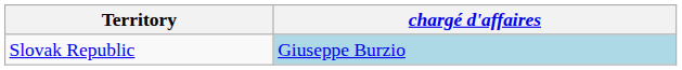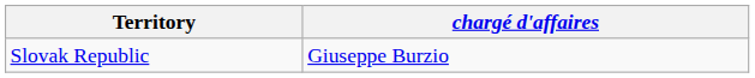 <table class="wikitable sortable">
 <tr>
 <th width="20%">Territory</th>
 <th width="30%"><em><a href='#'>chargé d'affaires</a></em></th>
 </tr>
 <tr>
 <td><a href='#'>Slovak Republic</a></td>
-<td style="background: lightblue;"><a href='#'>Giuseppe Burzio</a></td>
+<td><a href='#'>Giuseppe Burzio</a></td>
 </tr>
 </table>
